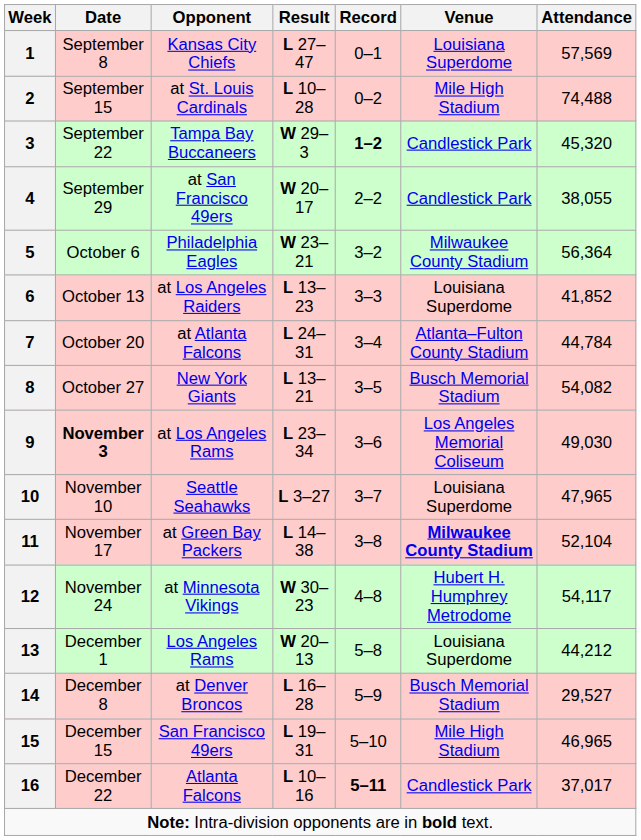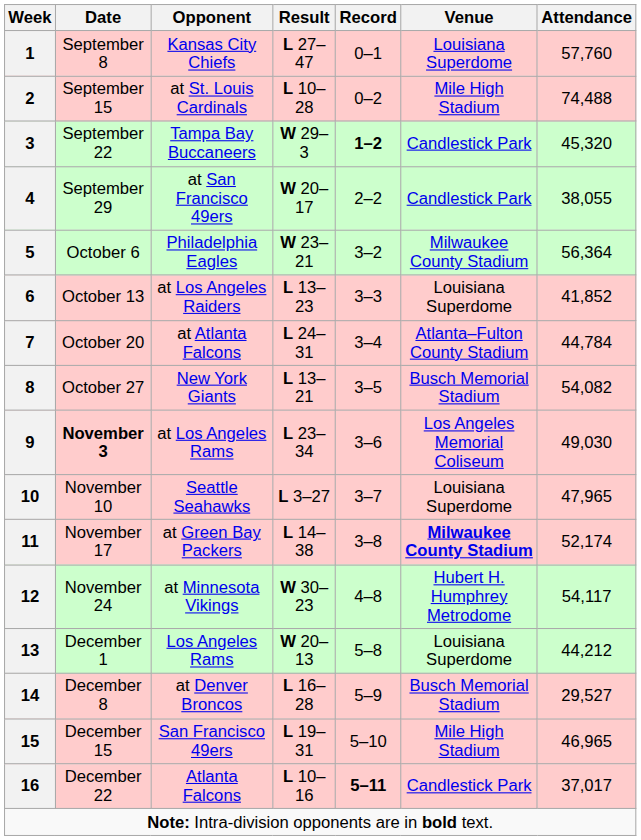 <table class="wikitable"  style="text-align: center;">
 <tr>
 <th>Week</th>
 <th>Date</th>
 <th>Opponent</th>
 <th>Result</th>
 <th>Record</th>
 <th>Venue</th>
 <th>Attendance</th>
 </tr>
 <tr style="background:#fcc">
 <th>1</th>
 <td>September 8</td>
 <td><a href='#'>Kansas City Chiefs</a></td>
 <td><strong>L</strong> 27–47</td>
 <td>0–1</td>
 <td><a href='#'>Louisiana Superdome</a></td>
-<td>57,569</td>
+<td>57,760</td>
 </tr>
 <tr style="background:#fcc">
 <th>2</th>
 <td>September 15</td>
 <td>at <a href='#'>St. Louis Cardinals</a></td>
 <td><strong>L</strong> 10–28</td>
 <td>0–2</td>
 <td><a href='#'>Mile High Stadium</a></td>
 <td>74,488</td>
 </tr>
 <tr style="background:#cfc">
 <th>3</th>
 <td>September 22</td>
 <td><a href='#'>Tampa Bay Buccaneers</a></td>
 <td><strong>W</strong> 29–3</td>
 <td><strong>1–2</strong></td>
 <td><a href='#'>Candlestick Park</a></td>
 <td>45,320</td>
 </tr>
 <tr style="background:#cfc">
 <th>4</th>
 <td>September 29</td>
 <td>at <a href='#'>San Francisco 49ers</a></td>
 <td><strong>W</strong> 20–17</td>
 <td>2–2</td>
 <td><a href='#'>Candlestick Park</a></td>
 <td>38,055</td>
 </tr>
 <tr style="background:#cfc">
 <th>5</th>
 <td>October 6</td>
 <td><a href='#'>Philadelphia Eagles</a></td>
 <td><strong>W</strong> 23–21</td>
 <td>3–2</td>
 <td><a href='#'>Milwaukee County Stadium</a></td>
 <td>56,364</td>
 </tr>
 <tr style="background:#fcc">
 <th>6</th>
 <td>October 13</td>
 <td>at <a href='#'>Los Angeles Raiders</a></td>
 <td><strong>L</strong> 13–23</td>
 <td>3–3</td>
 <td>Louisiana Superdome</td>
 <td>41,852</td>
 </tr>
 <tr style="background:#fcc">
 <th>7</th>
 <td>October 20</td>
 <td>at <a href='#'>Atlanta Falcons</a></td>
 <td><strong>L</strong> 24–31</td>
 <td>3–4</td>
 <td><a href='#'>Atlanta–Fulton County Stadium</a></td>
 <td>44,784</td>
 </tr>
 <tr style="background:#fcc">
 <th>8</th>
 <td>October 27</td>
 <td><a href='#'>New York Giants</a></td>
 <td><strong>L</strong> 13–21</td>
 <td>3–5</td>
 <td><a href='#'>Busch Memorial Stadium</a></td>
 <td>54,082</td>
 </tr>
 <tr style="background:#fcc">
 <th>9</th>
 <td><strong>November 3</strong></td>
 <td>at <a href='#'>Los Angeles Rams</a></td>
 <td><strong>L</strong> 23–34</td>
 <td>3–6</td>
 <td><a href='#'>Los Angeles Memorial Coliseum</a></td>
 <td>49,030</td>
 </tr>
 <tr style="background:#fcc">
 <th>10</th>
 <td>November 10</td>
 <td><a href='#'>Seattle Seahawks</a></td>
 <td><strong>L</strong> 3–27</td>
 <td>3–7</td>
 <td>Louisiana Superdome</td>
 <td>47,965</td>
 </tr>
 <tr style="background:#fcc">
 <th>11</th>
 <td>November 17</td>
 <td>at <a href='#'>Green Bay Packers</a></td>
 <td><strong>L</strong> 14–38</td>
 <td>3–8</td>
 <td><strong><a href='#'>Milwaukee County Stadium</a></strong></td>
-<td>52,104</td>
+<td>52,174</td>
 </tr>
 <tr style="background:#cfc">
 <th>12</th>
 <td>November 24</td>
 <td>at <a href='#'>Minnesota Vikings</a></td>
 <td><strong>W</strong> 30–23</td>
 <td>4–8</td>
 <td><a href='#'>Hubert H. Humphrey Metrodome</a></td>
 <td>54,117</td>
 </tr>
 <tr style="background:#cfc">
 <th>13</th>
 <td>December 1</td>
 <td><a href='#'>Los Angeles Rams</a></td>
 <td><strong>W</strong> 20–13</td>
 <td>5–8</td>
 <td>Louisiana Superdome</td>
 <td>44,212</td>
 </tr>
 <tr style="background:#fcc">
 <th>14</th>
 <td>December 8</td>
 <td>at <a href='#'>Denver Broncos</a></td>
 <td><strong>L</strong> 16–28</td>
 <td>5–9</td>
 <td><a href='#'>Busch Memorial Stadium</a></td>
 <td>29,527</td>
 </tr>
 <tr style="background:#fcc">
 <th>15</th>
 <td>December 15</td>
 <td><a href='#'>San Francisco 49ers</a></td>
 <td><strong>L</strong> 19–31</td>
 <td>5–10</td>
 <td><a href='#'>Mile High Stadium</a></td>
 <td>46,965</td>
 </tr>
 <tr style="background:#fcc">
 <th>16</th>
 <td>December 22</td>
 <td><a href='#'>Atlanta Falcons</a></td>
 <td><strong>L</strong> 10–16</td>
 <td><strong>5–11</strong></td>
 <td><a href='#'>Candlestick Park</a></td>
 <td>37,017</td>
 </tr>
 <tr>
 <td colspan="7"><strong>Note:</strong> Intra-division opponents are in <strong>bold</strong> text.</td>
 </tr>
 </table>
